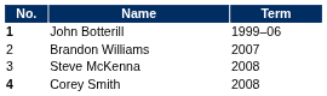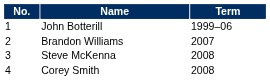 <table class="toccolours" style="width:25em">
 <tr>
 <th style="background:#002d62;color:white;border:#002d62 1px solid">No.</th>
 <th style="background:#002d62;color:white;border:#002d62 1px solid">Name</th>
 <th style="background:#002d62;color:white;border:#002d62 1px solid">Term</th>
 </tr>
 <tr>
-<td><strong>1</strong></td>
+<td>1</td>
 <td> John Botterill</td>
 <td>1999–06</td>
 </tr>
 <tr>
 <td>2</td>
 <td> Brandon Williams</td>
 <td>2007</td>
 </tr>
 <tr>
 <td>3</td>
 <td> Steve McKenna</td>
 <td>2008</td>
 </tr>
 <tr>
-<td><strong>4</strong></td>
+<td>4</td>
 <td> Corey Smith</td>
 <td>2008</td>
 </tr>
 <tr>
 </tr>
 </table>
